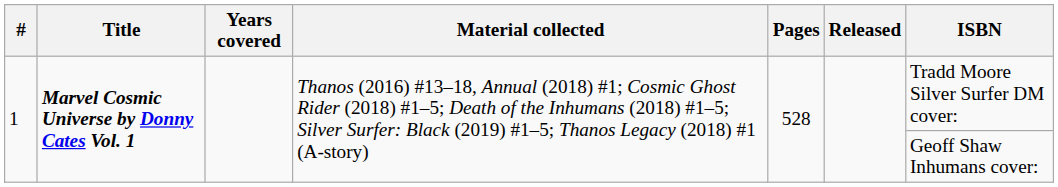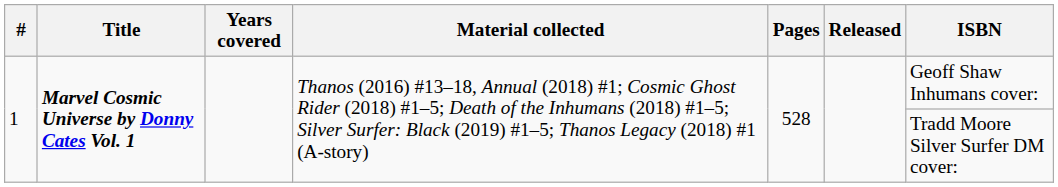 <table class="wikitable sortable" width=99%>
 <tr>
 <th class="unsortable" width=20px>#</th>
 <th>Title</th>
 <th>Years covered</th>
 <th class="unsortable">Material collected</th>
 <th>Pages</th>
 <th>Released</th>
 <th class="unsortable">ISBN</th>
 </tr>
 <tr>
 <td rowspan=2>1</td>
 <td rowspan=2><strong><em>Marvel Cosmic Universe by <a href='#'>Donny Cates</a> Vol. 1</em></strong></td>
 <td rowspan=2></td>
 <td rowspan=2><em>Thanos</em> (2016) #13–18, <em>Annual</em> (2018) #1; <em>Cosmic Ghost Rider</em> (2018) #1–5; <em>Death of the Inhumans</em> (2018) #1–5; <em>Silver Surfer: Black</em> (2019) #1–5; <em>Thanos Legacy</em> (2018) #1 (A-story)</td>
 <td style="text-align: center;" rowspan=2>528</td>
 <td rowspan=2></td>
+<td>Geoff Shaw Inhumans cover: </td>
+</tr>
+<tr>
 <td>Tradd Moore Silver Surfer DM cover: </td>
 </tr>
-<tr>
-<td>Geoff Shaw Inhumans cover: </td>
-</tr>
 </table>
